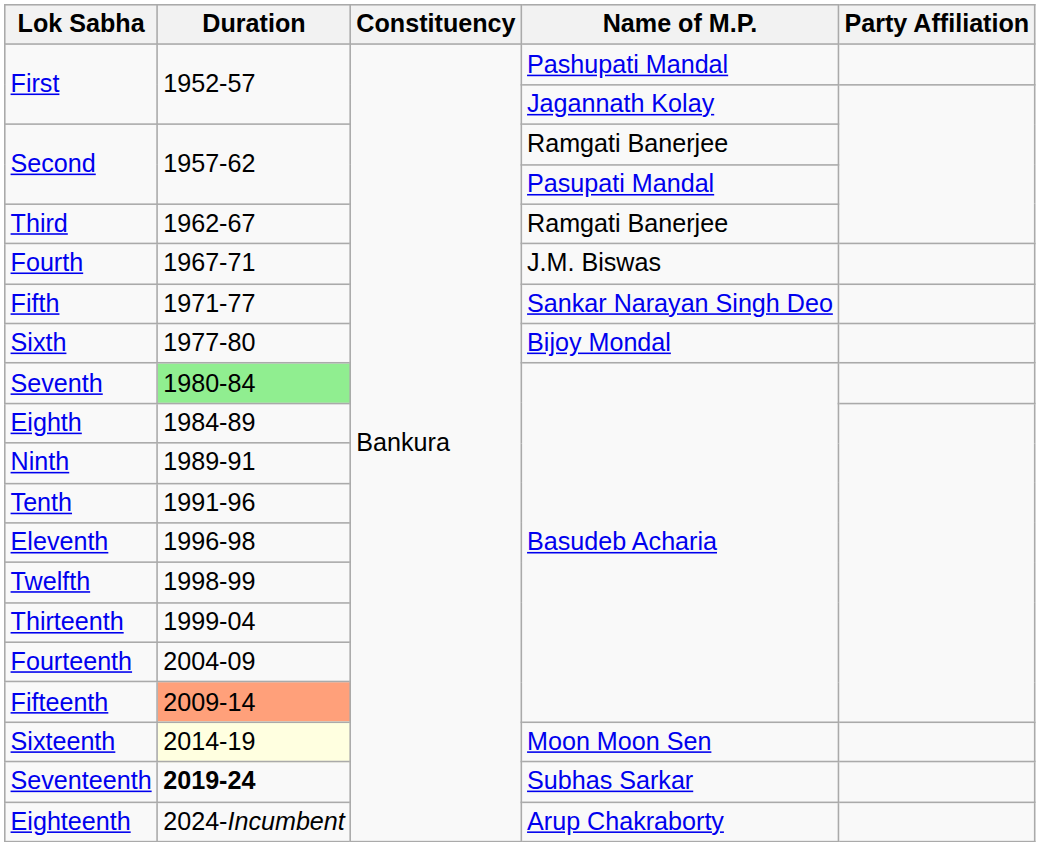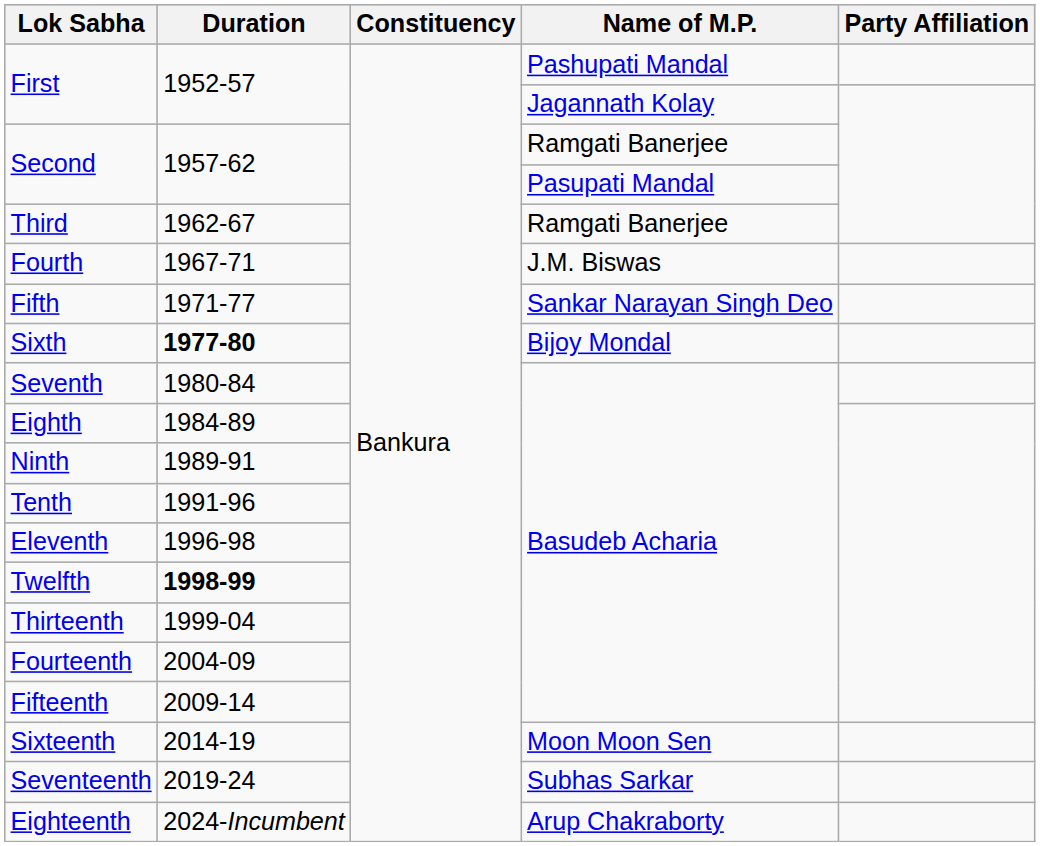 <table class="wikitable sortable">
 <tr>
 <th>Lok Sabha</th>
 <th>Duration</th>
 <th>Constituency</th>
 <th>Name of M.P.</th>
 <th colspan=2>Party Affiliation</th>
 </tr>
 <tr>
 <td rowspan=2><a href='#'>First</a></td>
 <td rowspan=2>1952-57</td>
 <td rowspan=20>Bankura</td>
 <td><a href='#'>Pashupati Mandal</a></td>
 <td></td>
 </tr>
 <tr>
 <td><a href='#'>Jagannath Kolay</a></td>
 </tr>
 <tr>
 <td rowspan=2><a href='#'>Second</a></td>
 <td rowspan=2>1957-62</td>
 <td>Ramgati Banerjee</td>
 </tr>
 <tr>
 <td><a href='#'>Pasupati Mandal</a></td>
 </tr>
 <tr>
 <td><a href='#'>Third</a></td>
 <td>1962-67</td>
 <td>Ramgati Banerjee</td>
 </tr>
 <tr>
 <td><a href='#'>Fourth</a></td>
 <td>1967-71</td>
 <td>J.M. Biswas</td>
 <td></td>
 </tr>
 <tr>
 <td><a href='#'>Fifth</a></td>
 <td>1971-77</td>
 <td><a href='#'>Sankar Narayan Singh Deo</a></td>
 <td></td>
 </tr>
 <tr>
 <td><a href='#'>Sixth</a></td>
-<td>1977-80</td>
+<td><strong>1977-80</strong></td>
 <td><a href='#'>Bijoy Mondal</a></td>
 <td></td>
 </tr>
 <tr>
 <td><a href='#'>Seventh</a></td>
-<td style="background: lightgreen;">1980-84</td>
+<td>1980-84</td>
 <td rowspan=9><a href='#'>Basudeb Acharia</a><br>    </td>
 <td></td>
 </tr>
 <tr>
 <td><a href='#'>Eighth</a></td>
 <td>1984-89</td>
 </tr>
 <tr>
 <td><a href='#'>Ninth</a></td>
 <td>1989-91</td>
 </tr>
 <tr>
 <td><a href='#'>Tenth</a></td>
 <td>1991-96</td>
 </tr>
 <tr>
 <td><a href='#'>Eleventh</a></td>
 <td>1996-98</td>
 </tr>
 <tr>
 <td><a href='#'>Twelfth</a></td>
-<td>1998-99</td>
+<td><strong>1998-99</strong></td>
 </tr>
 <tr>
 <td><a href='#'>Thirteenth</a></td>
 <td>1999-04</td>
 </tr>
 <tr>
 <td><a href='#'>Fourteenth</a></td>
 <td>2004-09</td>
 </tr>
 <tr>
 <td><a href='#'>Fifteenth</a></td>
-<td style="background: lightsalmon;">2009-14</td>
+<td>2009-14</td>
 </tr>
 <tr>
 <td><a href='#'>Sixteenth</a></td>
-<td style="background: lightyellow;">2014-19</td>
+<td>2014-19</td>
 <td><a href='#'>Moon Moon Sen</a></td>
 <td></td>
 </tr>
 <tr>
 <td><a href='#'>Seventeenth</a></td>
-<td><strong>2019-24</strong></td>
+<td>2019-24</td>
 <td><a href='#'>Subhas Sarkar</a></td>
 <td></td>
 </tr>
 <tr>
 <td><a href='#'>Eighteenth</a></td>
 <td>2024-<em>Incumbent</em></td>
 <td><a href='#'>Arup Chakraborty</a></td>
 <td></td>
 </tr>
 </table>
